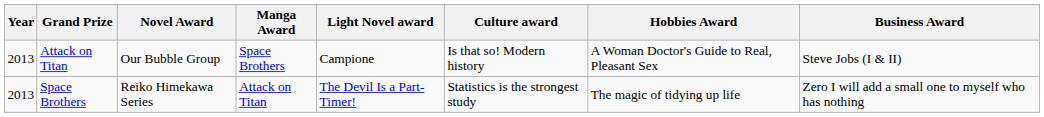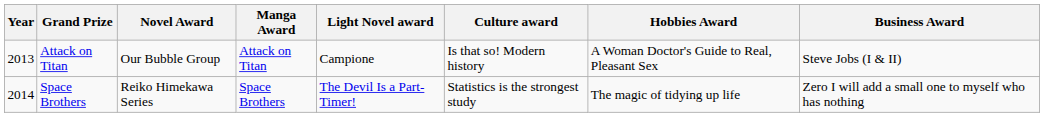 <table class="wikitable">
 <tr>
 <th>Year</th>
 <th>Grand Prize</th>
 <th>Novel Award</th>
 <th>Manga Award</th>
 <th>Light Novel award</th>
 <th>Culture award</th>
 <th>Hobbies Award</th>
 <th>Business Award</th>
 </tr>
 <tr>
 <td>2013</td>
 <td><a href='#'>Attack on Titan</a></td>
 <td>Our Bubble Group</td>
-<td><a href='#'>Space Brothers</a></td>
+<td><a href='#'>Attack on Titan</a></td>
 <td>Campione</td>
 <td>Is that so! Modern history</td>
 <td>A Woman Doctor's Guide to Real, Pleasant Sex</td>
 <td>Steve Jobs (I & II)</td>
 </tr>
 <tr>
-<td>2013</td>
+<td>2014</td>
 <td><a href='#'>Space Brothers</a></td>
 <td>Reiko Himekawa Series</td>
-<td><a href='#'>Attack on Titan</a></td>
+<td><a href='#'>Space Brothers</a></td>
 <td><a href='#'>The Devil Is a Part-Timer!</a></td>
 <td>Statistics is the strongest study</td>
 <td>The magic of tidying up life</td>
 <td>Zero I will add a small one to myself who has nothing</td>
 </tr>
 </table>
